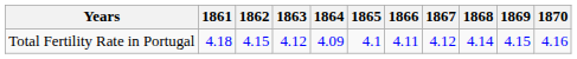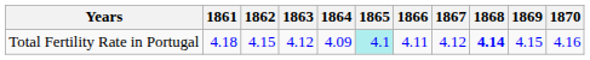 <table class="wikitable " style="text-align:right">
 <tr>
 <th>Years</th>
 <th>1861</th>
 <th>1862</th>
 <th>1863</th>
 <th>1864</th>
 <th>1865</th>
 <th>1866</th>
 <th>1867</th>
 <th>1868</th>
 <th>1869</th>
 <th>1870</th>
 </tr>
 <tr>
 <td align="left">Total Fertility Rate in Portugal</td>
 <td style="text-align:right; color:blue;">4.18</td>
 <td style="text-align:right; color:blue;">4.15</td>
 <td style="text-align:right; color:blue;">4.12</td>
 <td style="text-align:right; color:blue;">4.09</td>
-<td style="text-align:right; color:blue;">4.1</td>
+<td style="background: paleturquoise; text-align:right; color:blue;">4.1</td>
 <td style="text-align:right; color:blue;">4.11</td>
 <td style="text-align:right; color:blue;">4.12</td>
-<td style="text-align:right; color:blue;">4.14</td>
+<td style="text-align:right; color:blue;"><strong>4.14</strong></td>
 <td style="text-align:right; color:blue;">4.15</td>
 <td style="text-align:right; color:blue;">4.16</td>
 </tr>
 </table>
